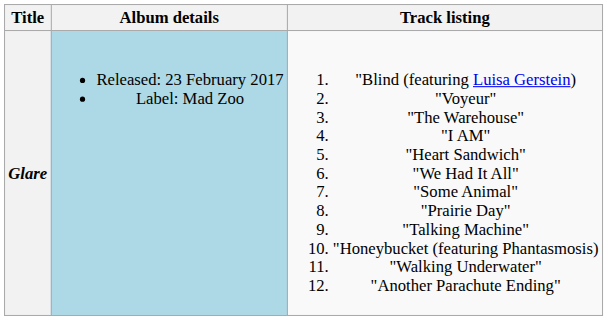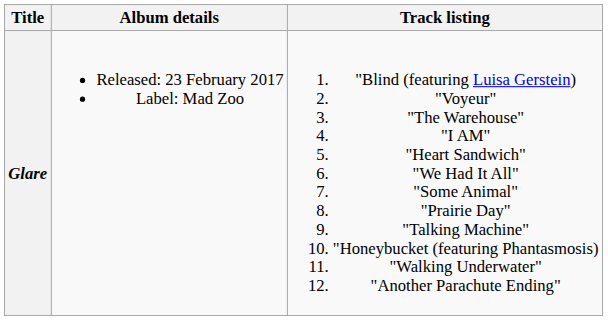 <table class="wikitable plainrowheaders" style="text-align:center;">
 <tr>
 <th scope="col">Title</th>
 <th scope="col">Album details</th>
 <th scope="col">Track listing</th>
 </tr>
 <tr>
 <th scope="row"><em>Glare</em></th>
-<td valign="top" style="background: lightblue;"><br><ul><li>Released: 23 February 2017</li><li>Label: Mad Zoo</li></ul></td>
+<td valign="top"><br><ul><li>Released: 23 February 2017</li><li>Label: Mad Zoo</li></ul></td>
 <td valign="top"><br><ol><li>"Blind (featuring <a href='#'>Luisa Gerstein</a>)</li><li>"Voyeur"</li><li>"The Warehouse"</li><li>"I AM"</li><li>"Heart Sandwich"</li><li>"We Had It All"</li><li>"Some Animal"</li><li>"Prairie Day"</li><li>"Talking Machine"</li><li>"Honeybucket (featuring Phantasmosis)</li><li>"Walking Underwater"</li><li>"Another Parachute Ending"</li></ol></td>
 </tr>
 </table>
